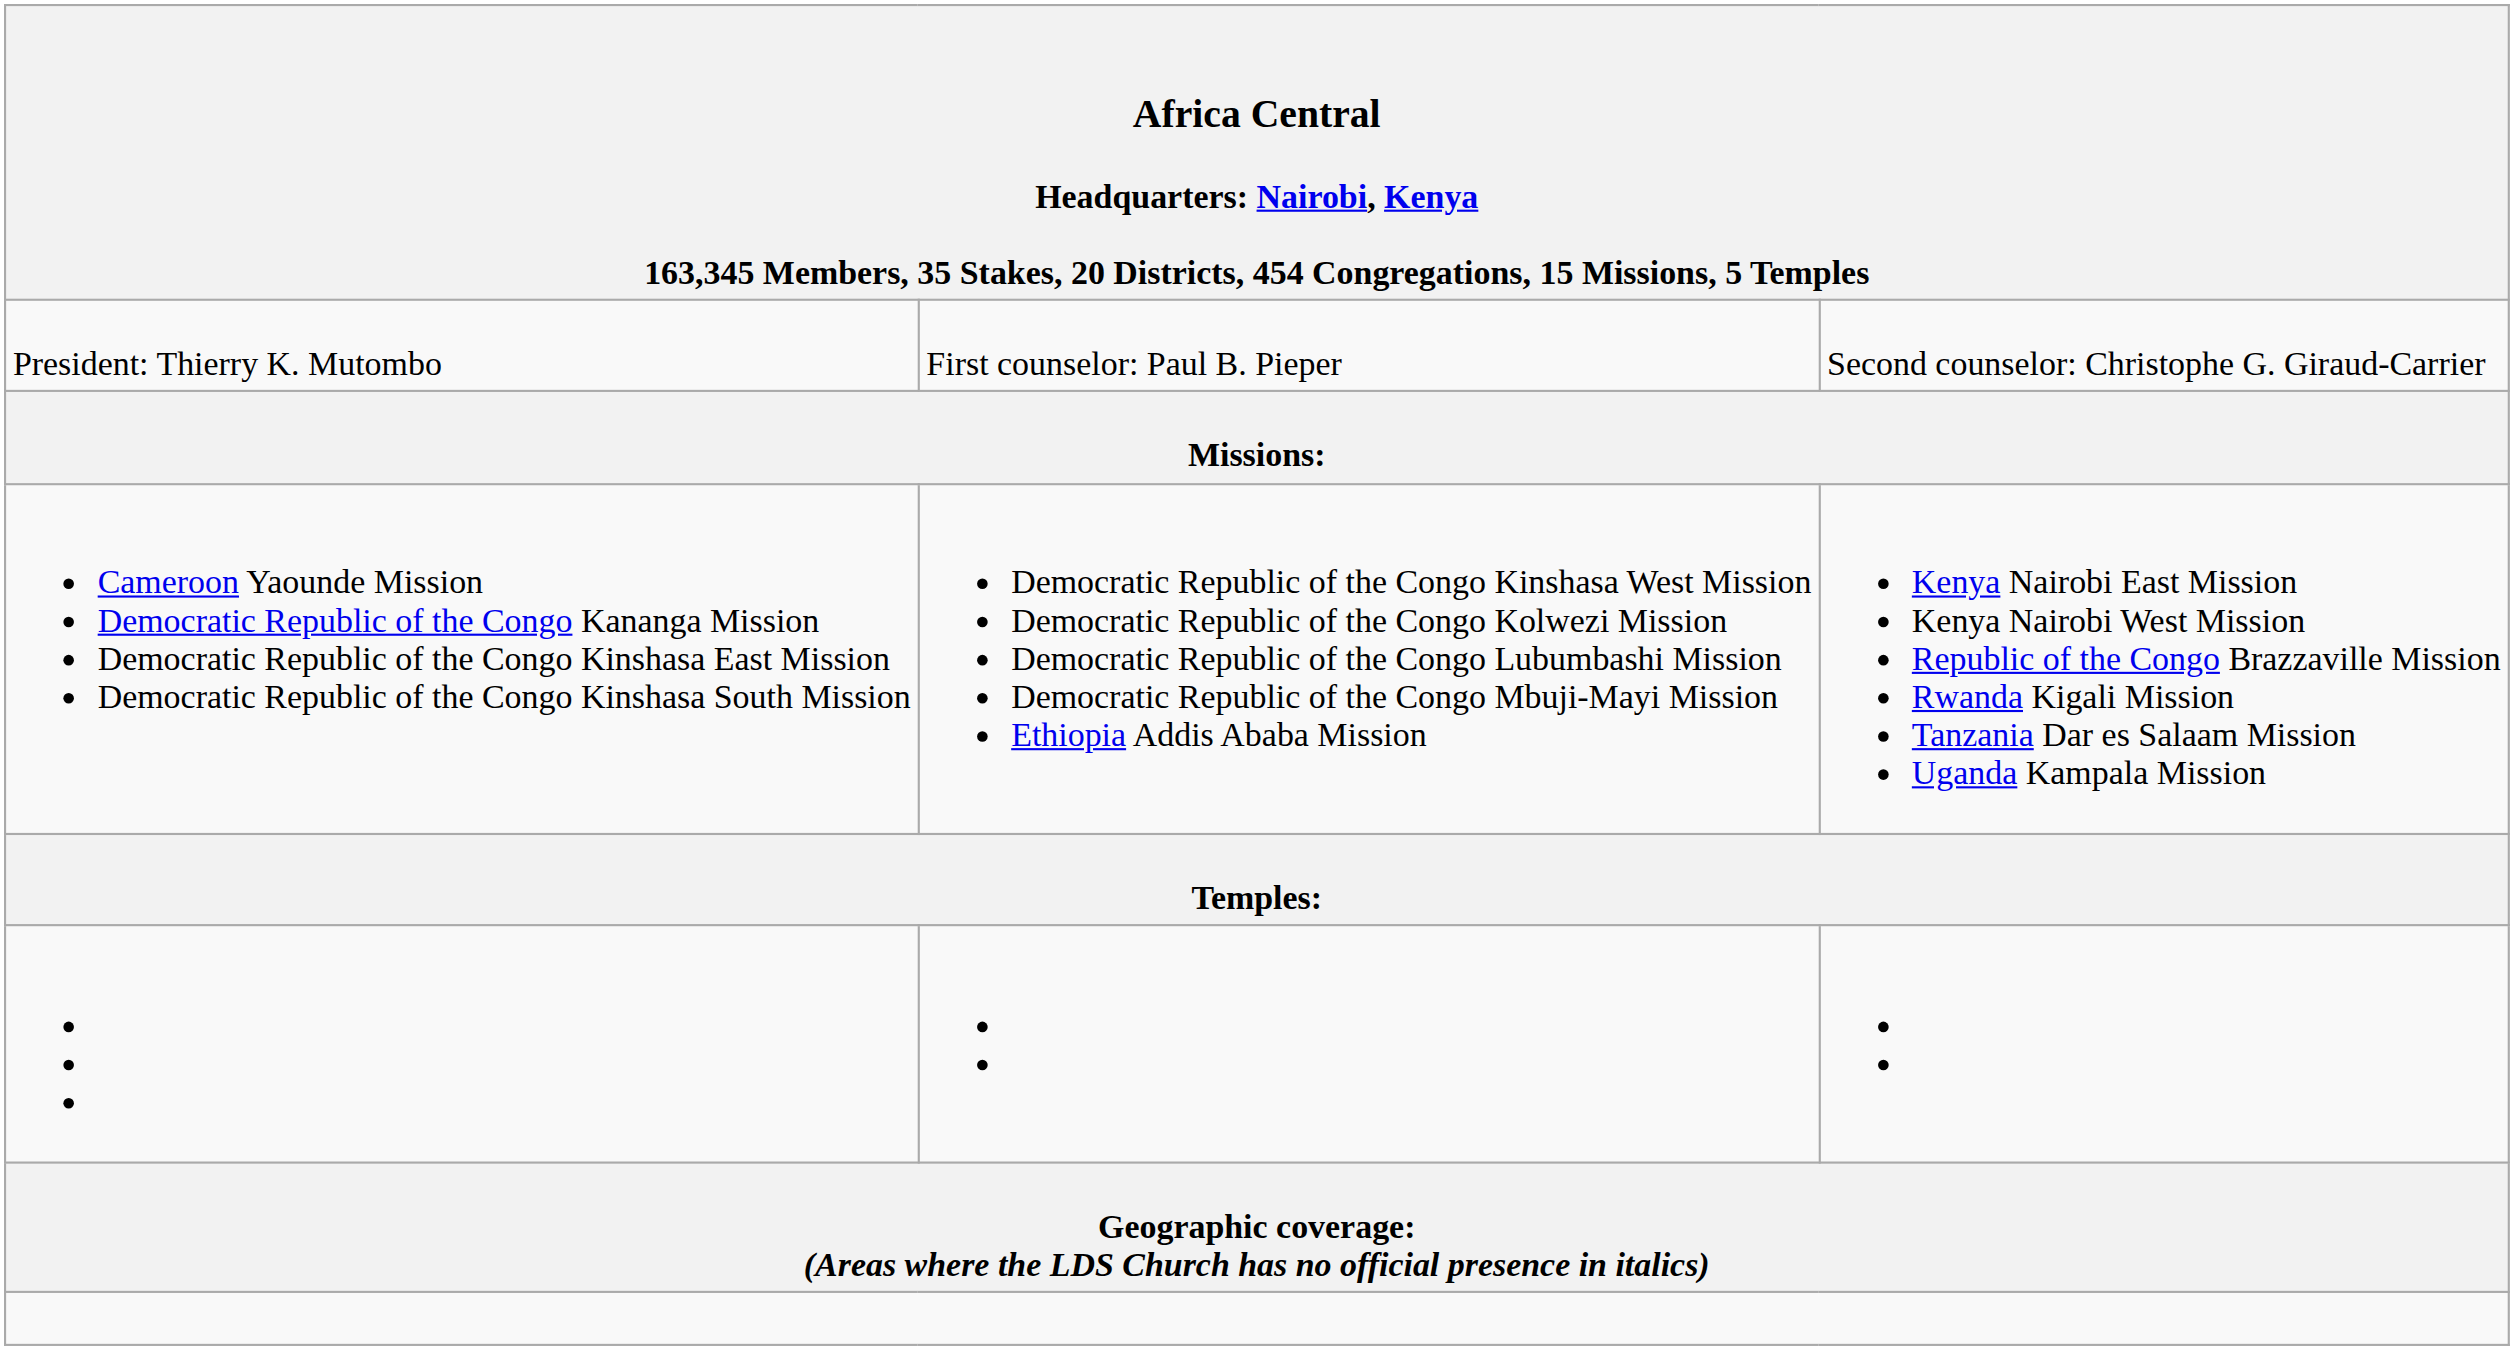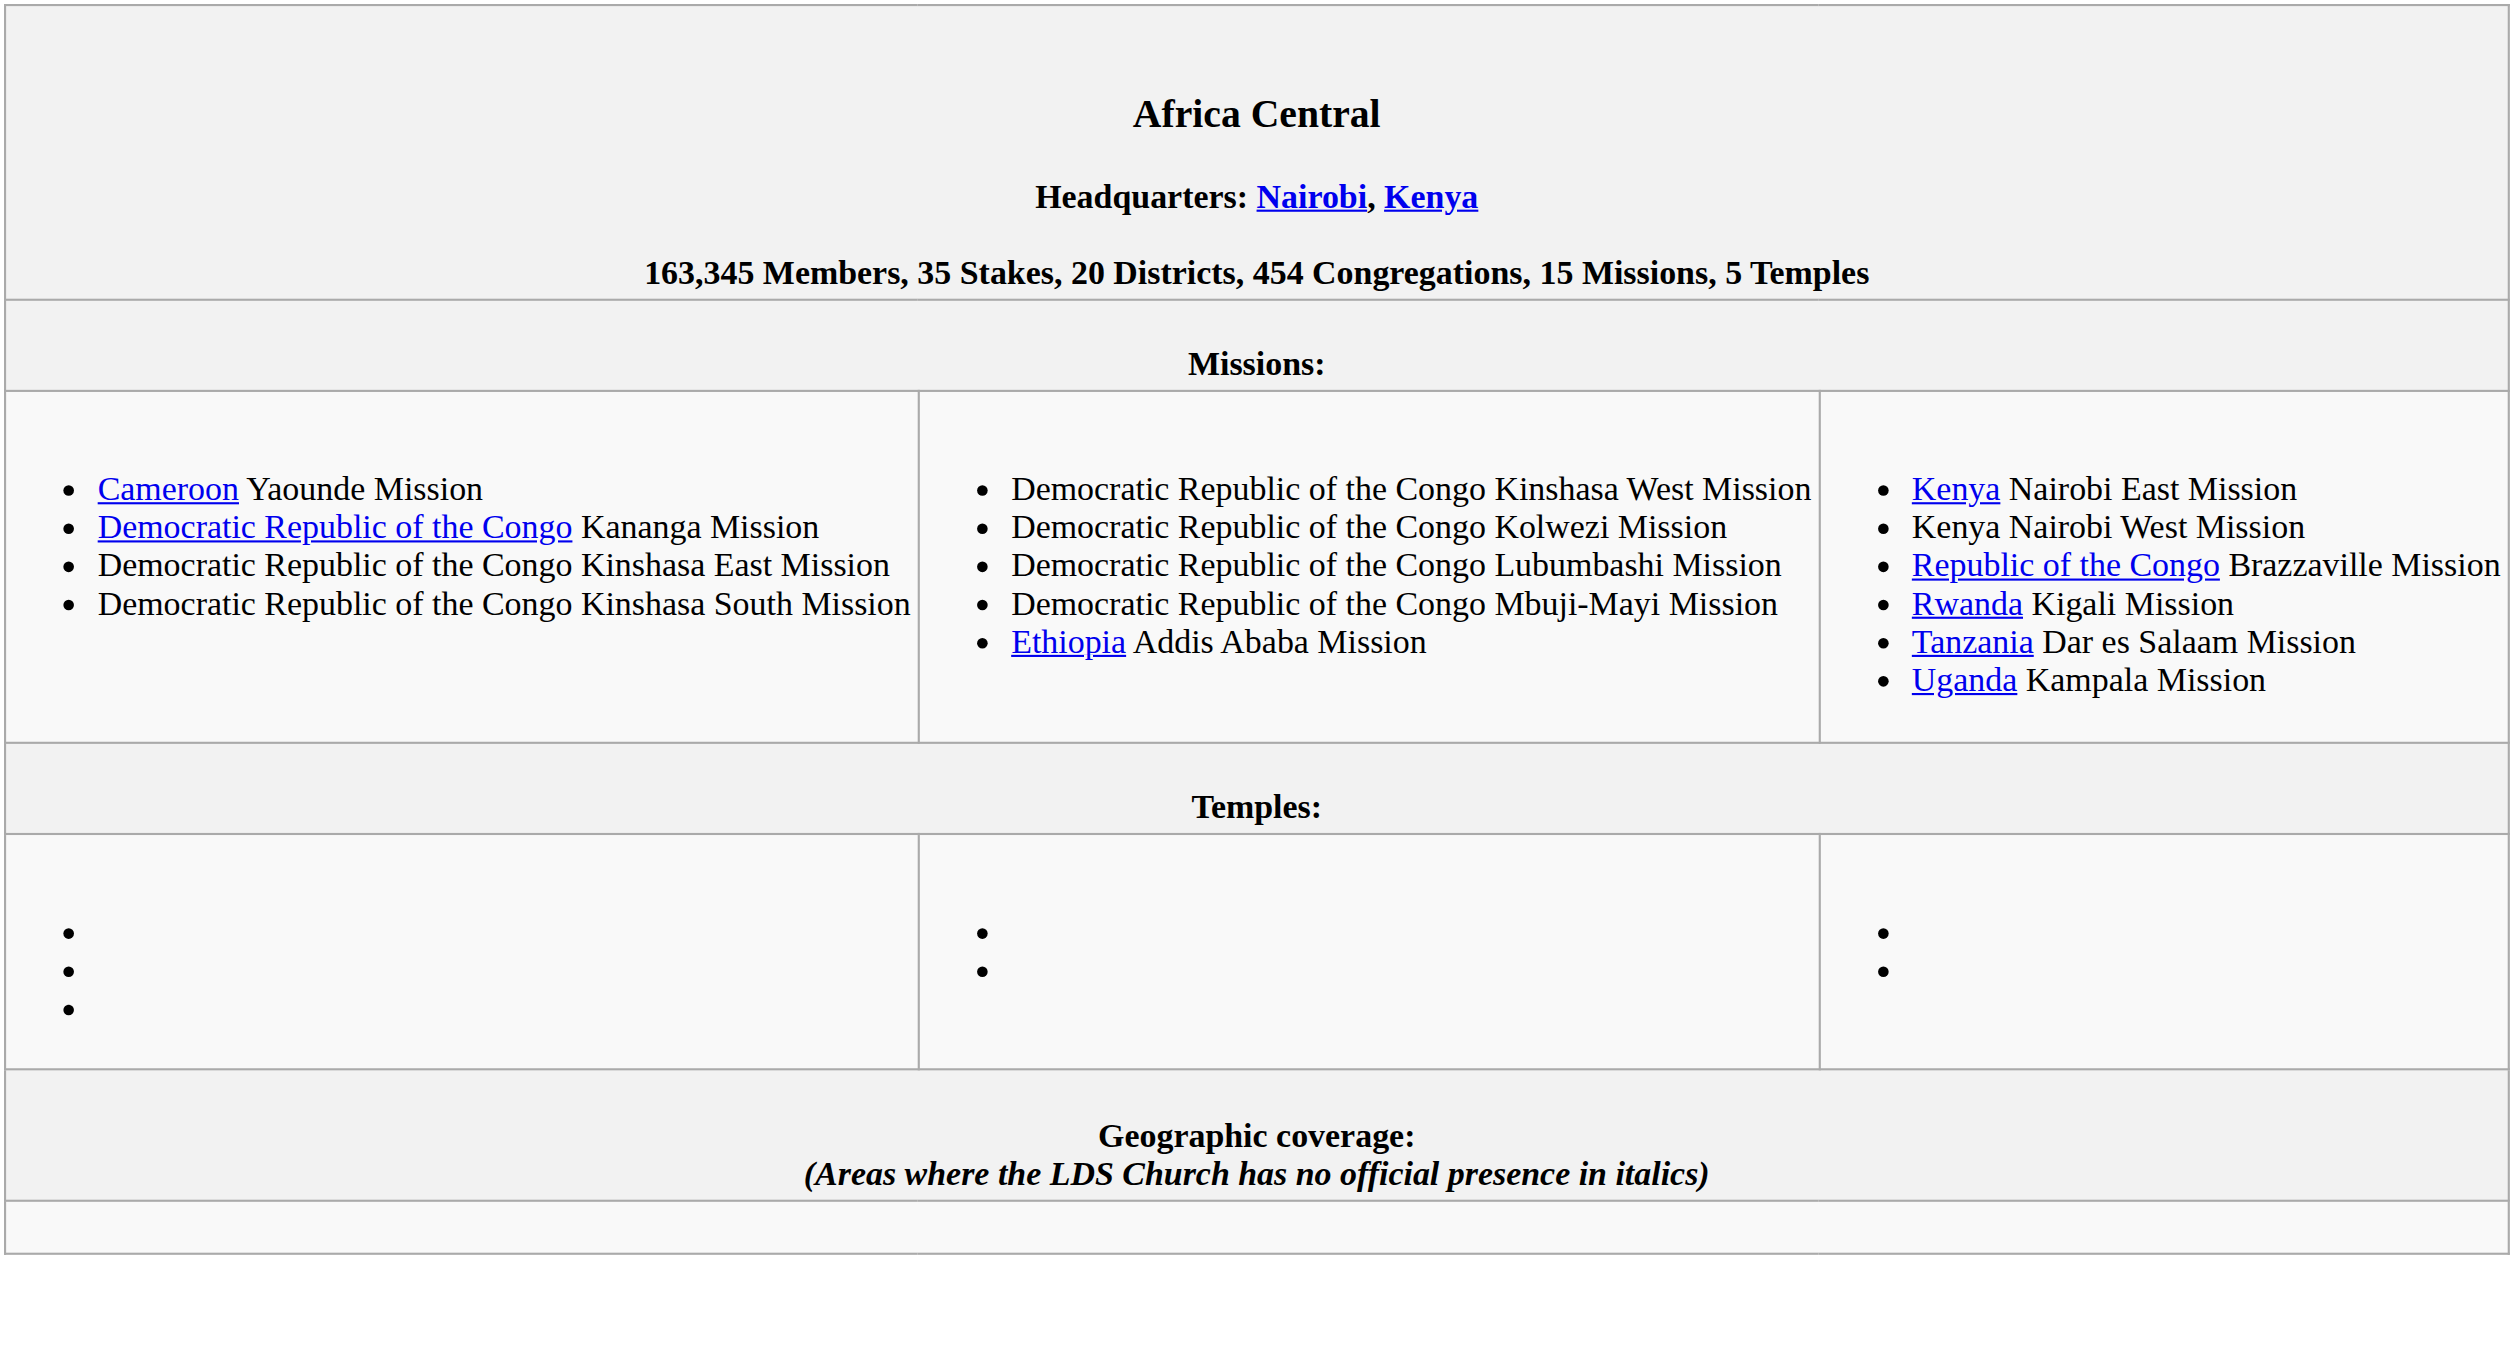 <table class=wikitable>
 <tr>
 <th colspan=3><br><h3>Africa Central</h3>Headquarters: <a href='#'>Nairobi</a>, <a href='#'>Kenya</a><br><br>163,345 Members, 35 Stakes, 20 Districts, 454 Congregations, 15 Missions, 5 Temples</th>
-</tr>
-<tr>
-<td style="vertical-align:top"><br>President: Thierry K. Mutombo</td>
-<td style="vertical-align:top"><br>First counselor: Paul B. Pieper</td>
-<td style="vertical-align:top"><br>Second counselor: Christophe G. Giraud-Carrier</td>
 </tr>
 <tr>
 <th colspan=3><br>Missions:</th>
 </tr>
 <tr>
 <td style="vertical-align:top"><br><ul><li><a href='#'>Cameroon</a> Yaounde Mission</li><li><a href='#'>Democratic Republic of the Congo</a> Kananga Mission</li><li>Democratic Republic of the Congo Kinshasa East Mission</li><li>Democratic Republic of the Congo Kinshasa South Mission</li></ul></td>
 <td style="vertical-align:top"><br><ul><li>Democratic Republic of the Congo Kinshasa West Mission</li><li>Democratic Republic of the Congo Kolwezi Mission</li><li>Democratic Republic of the Congo Lubumbashi Mission</li><li>Democratic Republic of the Congo Mbuji-Mayi Mission</li><li><a href='#'>Ethiopia</a> Addis Ababa Mission</li></ul></td>
 <td style="vertical-align:top"><br><ul><li><a href='#'>Kenya</a> Nairobi East Mission</li><li>Kenya Nairobi West Mission</li><li><a href='#'>Republic of the Congo</a> Brazzaville Mission</li><li><a href='#'>Rwanda</a> Kigali Mission</li><li><a href='#'>Tanzania</a> Dar es Salaam Mission</li><li><a href='#'>Uganda</a> Kampala Mission</li></ul></td>
 </tr>
 <tr>
 <th colspan=3><br>Temples:</th>
 </tr>
 <tr>
 <td style="vertical-align:top"><br><ul><li></li><li></li><li></li></ul></td>
 <td style="vertical-align:top"><br><ul><li></li><li></li></ul></td>
 <td style="vertical-align:top"><br><ul><li></li><li></li></ul></td>
 </tr>
 <tr>
 <th colspan=3><br>Geographic coverage:<br><em>(Areas where the LDS Church has no official presence in italics)</em></th>
 </tr>
 <tr>
 <td style="vertical-align:top" colspan=3><br></td>
 </tr>
 </table>
